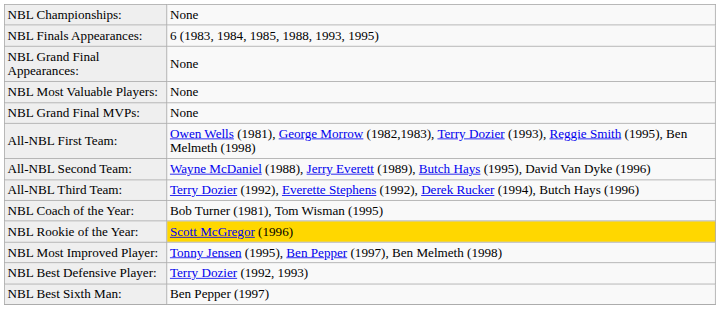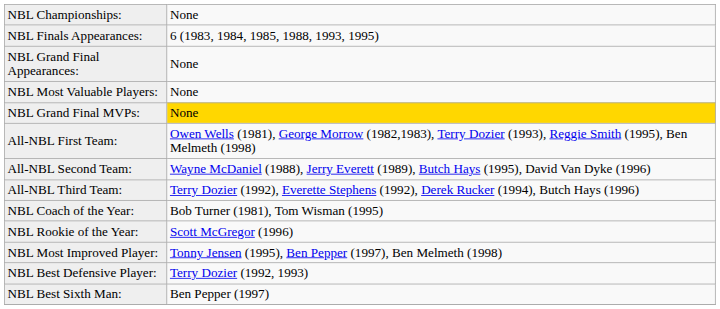 <table class="wikitable">
 <tr align=left>
 <td style="background:#efefef;">NBL Championships:</td>
 <td>None</td>
 </tr>
 <tr>
 <td style="background:#efefef;">NBL Finals Appearances:</td>
 <td>6 (1983, 1984, 1985, 1988, 1993, 1995)</td>
 </tr>
 <tr>
 <td style="background:#efefef;">NBL Grand Final Appearances:</td>
 <td>None</td>
 </tr>
 <tr>
 <td style="background:#efefef;">NBL Most Valuable Players:</td>
 <td>None</td>
 </tr>
 <tr>
 <td style="background:#efefef;">NBL Grand Final MVPs:</td>
-<td>None</td>
+<td style="background: gold;">None</td>
 </tr>
 <tr>
 <td style="background:#efefef;">All-NBL First Team:</td>
 <td><a href='#'>Owen Wells</a> (1981), <a href='#'>George Morrow</a> (1982,1983), <a href='#'>Terry Dozier</a> (1993), <a href='#'>Reggie Smith</a> (1995), Ben Melmeth (1998)</td>
 </tr>
 <tr>
 <td style="background:#efefef;">All-NBL Second Team:</td>
 <td><a href='#'>Wayne McDaniel</a> (1988), <a href='#'>Jerry Everett</a> (1989), <a href='#'>Butch Hays</a> (1995), David Van Dyke (1996)</td>
 </tr>
 <tr>
 <td style="background:#efefef;">All-NBL Third Team:</td>
 <td><a href='#'>Terry Dozier</a> (1992), <a href='#'>Everette Stephens</a> (1992), <a href='#'>Derek Rucker</a> (1994), Butch Hays (1996)</td>
 </tr>
 <tr>
 <td style="background:#efefef;">NBL Coach of the Year:</td>
 <td>Bob Turner (1981), Tom Wisman (1995)</td>
 </tr>
 <tr>
 <td style="background:#efefef;">NBL Rookie of the Year:</td>
-<td style="background: gold;"><a href='#'>Scott McGregor</a> (1996)</td>
+<td><a href='#'>Scott McGregor</a> (1996)</td>
 </tr>
 <tr>
 <td style="background:#efefef;">NBL Most Improved Player:</td>
 <td><a href='#'>Tonny Jensen</a> (1995), <a href='#'>Ben Pepper</a> (1997), Ben Melmeth (1998)</td>
 </tr>
 <tr>
 <td style="background:#efefef;">NBL Best Defensive Player:</td>
 <td><a href='#'>Terry Dozier</a> (1992, 1993)</td>
 </tr>
 <tr>
 <td style="background:#efefef;">NBL Best Sixth Man:</td>
 <td>Ben Pepper (1997)</td>
 </tr>
 <tr>
 </tr>
 </table>
